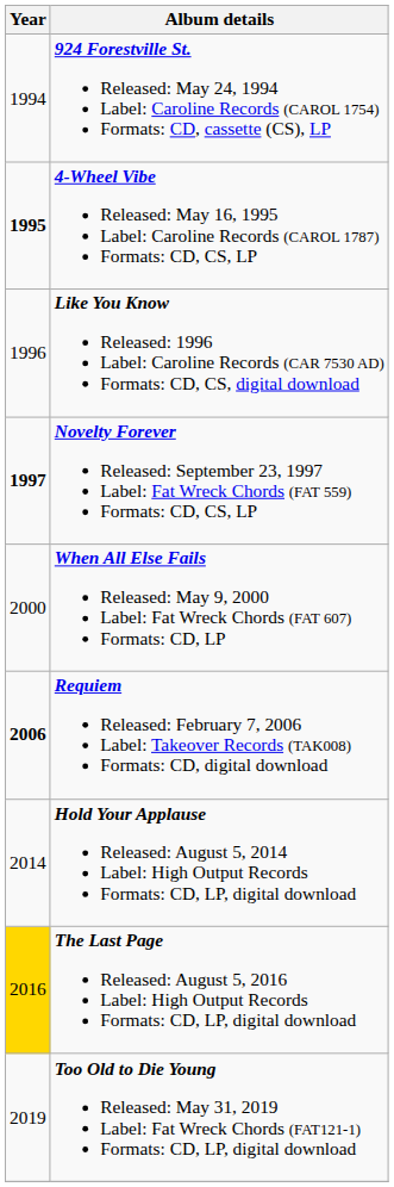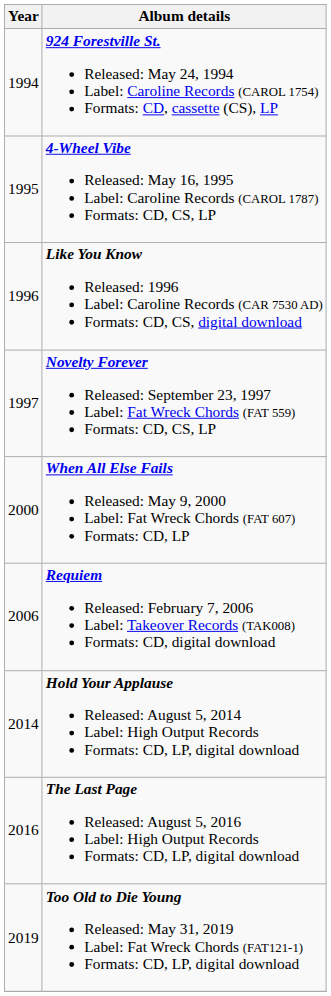 <table class="wikitable">
 <tr>
 <th rowspan="1">Year</th>
 <th rowspan="1">Album details</th>
 </tr>
 <tr>
 <td>1994</td>
 <td><strong><em><a href='#'>924 Forestville St.</a></em></strong><br><ul><li>Released: May 24, 1994</li><li>Label: <a href='#'>Caroline Records</a> <small>(CAROL 1754)</small></li><li>Formats: <a href='#'>CD</a>, <a href='#'>cassette</a> (CS), <a href='#'>LP</a></li></ul></td>
 </tr>
 <tr>
-<td><strong>1995</strong></td>
+<td>1995</td>
 <td><strong><em><a href='#'>4-Wheel Vibe</a></em></strong><br><ul><li>Released: May 16, 1995</li><li>Label: Caroline Records <small>(CAROL 1787)</small></li><li>Formats: CD, CS, LP</li></ul></td>
 </tr>
 <tr>
 <td>1996</td>
 <td><strong><em>Like You Know</em></strong><br><ul><li>Released: 1996</li><li>Label: Caroline Records <small>(CAR 7530 AD)</small></li><li>Formats: CD, CS, <a href='#'>digital download</a></li></ul></td>
 </tr>
 <tr>
-<td><strong>1997</strong></td>
+<td>1997</td>
 <td><strong><em><a href='#'>Novelty Forever</a></em></strong><br><ul><li>Released: September 23, 1997</li><li>Label: <a href='#'>Fat Wreck Chords</a> <small>(FAT 559)</small></li><li>Formats: CD, CS, LP</li></ul></td>
 </tr>
 <tr>
 <td>2000</td>
 <td><strong><em><a href='#'>When All Else Fails</a></em></strong><br><ul><li>Released: May 9, 2000</li><li>Label: Fat Wreck Chords <small>(FAT 607)</small></li><li>Formats: CD, LP</li></ul></td>
 </tr>
 <tr>
-<td><strong>2006</strong></td>
+<td>2006</td>
 <td><strong><em><a href='#'>Requiem</a></em></strong><br><ul><li>Released: February 7, 2006</li><li>Label: <a href='#'>Takeover Records</a> <small>(TAK008)</small></li><li>Formats: CD, digital download</li></ul></td>
 </tr>
 <tr>
 <td>2014</td>
 <td><strong><em>Hold Your Applause</em></strong><br><ul><li>Released: August 5, 2014</li><li>Label: High Output Records</li><li>Formats: CD, LP, digital download</li></ul></td>
 </tr>
 <tr>
-<td style="background: gold;">2016</td>
+<td>2016</td>
 <td><strong><em>The Last Page</em></strong><br><ul><li>Released: August 5, 2016</li><li>Label: High Output Records</li><li>Formats: CD, LP, digital download</li></ul></td>
 </tr>
 <tr>
 <td>2019</td>
 <td><strong><em>Too Old to Die Young</em></strong><br><ul><li>Released: May 31, 2019</li><li>Label: Fat Wreck Chords <small>(FAT121-1)</small></li><li>Formats: CD, LP, digital download</li></ul></td>
 </tr>
 <tr>
 </tr>
 </table>
